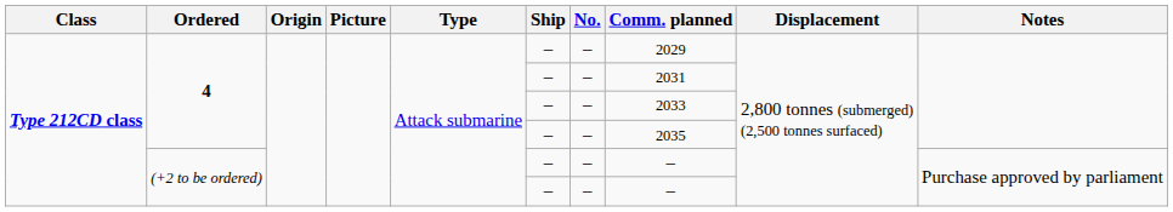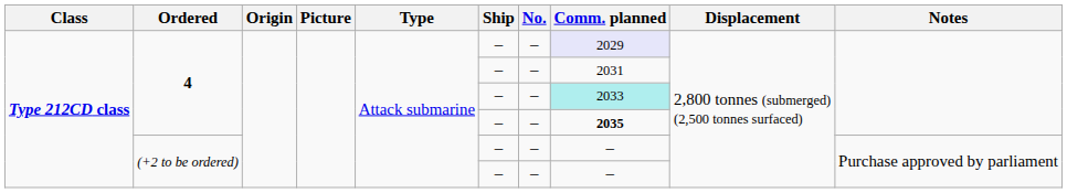 <table class="wikitable">
 <tr>
 <th>Class</th>
 <th>Ordered</th>
 <th>Origin</th>
 <th>Picture</th>
 <th>Type</th>
 <th>Ship</th>
 <th><a href='#'>No.</a></th>
 <th><a href='#'>Comm.</a> planned</th>
 <th>Displacement</th>
 <th>Notes</th>
 </tr>
 <tr>
 <td rowspan="6"><strong><a href='#'><em>Type 212CD</em> class</a></strong></td>
 <td rowspan="4" style="text-align: center;"><strong>4</strong></td>
 <td rowspan="6"><br></td>
 <td rowspan="6" style="text-align: center;"></td>
 <td rowspan="6"><a href='#'>Attack submarine</a></td>
 <td style="text-align: center;">–</td>
 <td style="text-align: center;">–</td>
-<td style="text-align: center;"><small>2029</small></td>
+<td style="background: lavender; text-align: center;"><small>2029</small></td>
 <td rowspan="6">2,800 tonnes <small>(submerged)</small><br><small>(2,500 tonnes surfaced)</small></td>
 <td rowspan="4"></td>
 </tr>
 <tr>
 <td style="text-align: center;">–</td>
 <td style="text-align: center;">–</td>
 <td style="text-align: center;"><small>2031</small></td>
 </tr>
 <tr>
 <td style="text-align: center;">–</td>
 <td style="text-align: center;">–</td>
-<td style="text-align: center;"><small>2033</small></td>
+<td style="background: paleturquoise; text-align: center;"><small>2033</small></td>
 </tr>
 <tr>
 <td style="text-align: center;">–</td>
 <td style="text-align: center;">–</td>
-<td style="text-align: center;"><small>2035</small></td>
+<td style="text-align: center;"><strong><small>2035</small></strong></td>
 </tr>
 <tr>
 <td rowspan="2" style="text-align: center;"><small><em>(+2 to be ordered)</em></small></td>
 <td style="text-align: center;">–</td>
 <td style="text-align: center;">–</td>
 <td style="text-align: center;">–</td>
 <td rowspan="2">Purchase approved by parliament</td>
 </tr>
 <tr>
 <td style="text-align: center;">–</td>
 <td style="text-align: center;">–</td>
 <td style="text-align: center;">–</td>
 </tr>
 </table>
